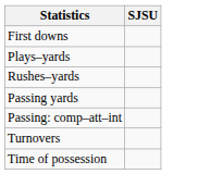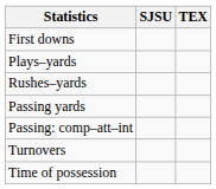 <table class="wikitable" style="float:left">
 <tr>
 <th>Statistics</th>
 <th>SJSU</th>
+<th>TEX</th>
 </tr>
 <tr>
 <td>First downs</td>
+<td></td>
 <td></td>
 </tr>
 <tr>
 <td>Plays–yards</td>
 <td></td>
+<td></td>
 </tr>
 <tr>
 <td>Rushes–yards</td>
+<td></td>
 <td></td>
 </tr>
 <tr>
 <td>Passing yards</td>
 <td></td>
+<td></td>
 </tr>
 <tr>
 <td>Passing: comp–att–int</td>
+<td></td>
 <td></td>
 </tr>
 <tr>
 <td>Turnovers</td>
 <td></td>
+<td></td>
 </tr>
 <tr>
 <td>Time of possession</td>
 <td></td>
+<td></td>
 </tr>
 </table>
